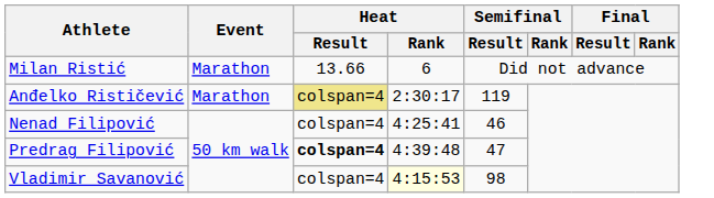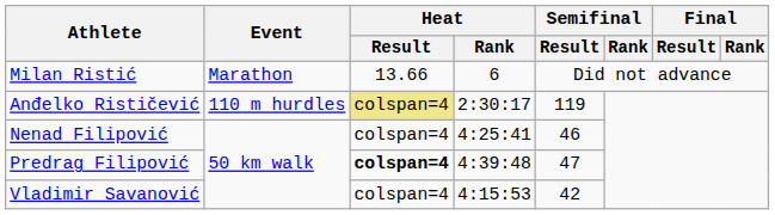 <table class="wikitable" style="font-size:90%">
 <tr>
 <th rowspan="2">Athlete</th>
 <th rowspan="2">Event</th>
 <th colspan="2">Heat</th>
 <th colspan="2">Semifinal</th>
 <th colspan="2">Final</th>
 </tr>
 <tr style="font-size:95%">
 <th>Result</th>
 <th>Rank</th>
 <th>Result</th>
 <th>Rank</th>
 <th>Result</th>
 <th>Rank</th>
 </tr>
 <tr align=center>
 <td align=left><a href='#'>Milan Ristić</a></td>
 <td align=left><a href='#'>Marathon</a></td>
 <td>13.66</td>
 <td>6</td>
 <td colspan=4>Did not advance</td>
 </tr>
 <tr align=center>
 <td align=left><a href='#'>Anđelko Rističević</a></td>
-<td align=left><a href='#'>Marathon</a></td>
+<td align=left><a href='#'>110 m hurdles</a></td>
 <td style="background: khaki;">colspan=4 </td>
 <td>2:30:17</td>
 <td>119</td>
 </tr>
 <tr align=center>
 <td align=left><a href='#'>Nenad Filipović</a></td>
 <td align=left rowspan=3><a href='#'>50 km walk</a></td>
 <td>colspan=4 </td>
 <td>4:25:41</td>
 <td>46</td>
 </tr>
 <tr align=center>
 <td align=left><a href='#'>Predrag Filipović</a></td>
 <td><strong>colspan=4 </strong></td>
 <td>4:39:48</td>
 <td>47</td>
 </tr>
 <tr align=center>
 <td align=left><a href='#'>Vladimir Savanović</a></td>
 <td>colspan=4 </td>
-<td style="background: lightyellow;">4:15:53</td>
-<td>98</td>
+<td>4:15:53</td>
+<td>42</td>
 </tr>
 </table>
